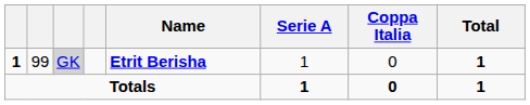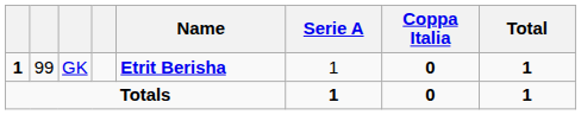 <table class="wikitable" style="text-align:center">
 <tr>
 <th width=15></th>
 <th width=15></th>
 <th width=15></th>
 <th width=15></th>
 <th width=145>Name</th>
 <th width=80><strong><a href='#'>Serie A</a></strong></th>
 <th width=80><strong><a href='#'>Coppa Italia</a></strong></th>
 <th width=80>Total</th>
 </tr>
 <tr>
 <td><strong>1</strong></td>
 <td>99</td>
-<td style="background: lightgrey;"><a href='#'>GK</a></td>
+<td><a href='#'>GK</a></td>
 <td></td>
 <td align=left><strong><a href='#'>Etrit Berisha</a></strong></td>
 <td>1</td>
-<td>0</td>
+<td><strong>0</strong></td>
 <td><strong>1</strong></td>
 </tr>
 <tr>
 <td colspan=5><strong>Totals</strong></td>
 <td><strong>1</strong></td>
 <td><strong>0</strong></td>
 <td><strong>1</strong></td>
 </tr>
 </table>
